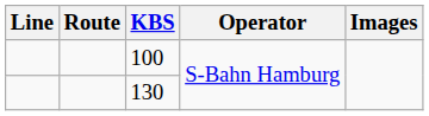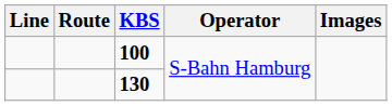 <table class="wikitable sortable" style="">
 <tr>
 <th>Line</th>
 <th>Route</th>
 <th><a href='#'>KBS</a></th>
 <th>Operator</th>
 <th>Images</th>
 </tr>
 <tr>
 <td align="center"></td>
 <td></td>
-<td>100</td>
+<td><strong>100</strong></td>
 <td rowspan="2"><a href='#'>S-Bahn Hamburg</a></td>
 <td rowspan="2"></td>
 </tr>
 <tr>
 <td align="center"></td>
 <td></td>
-<td>130</td>
+<td><strong>130</strong></td>
 </tr>
 </table>
